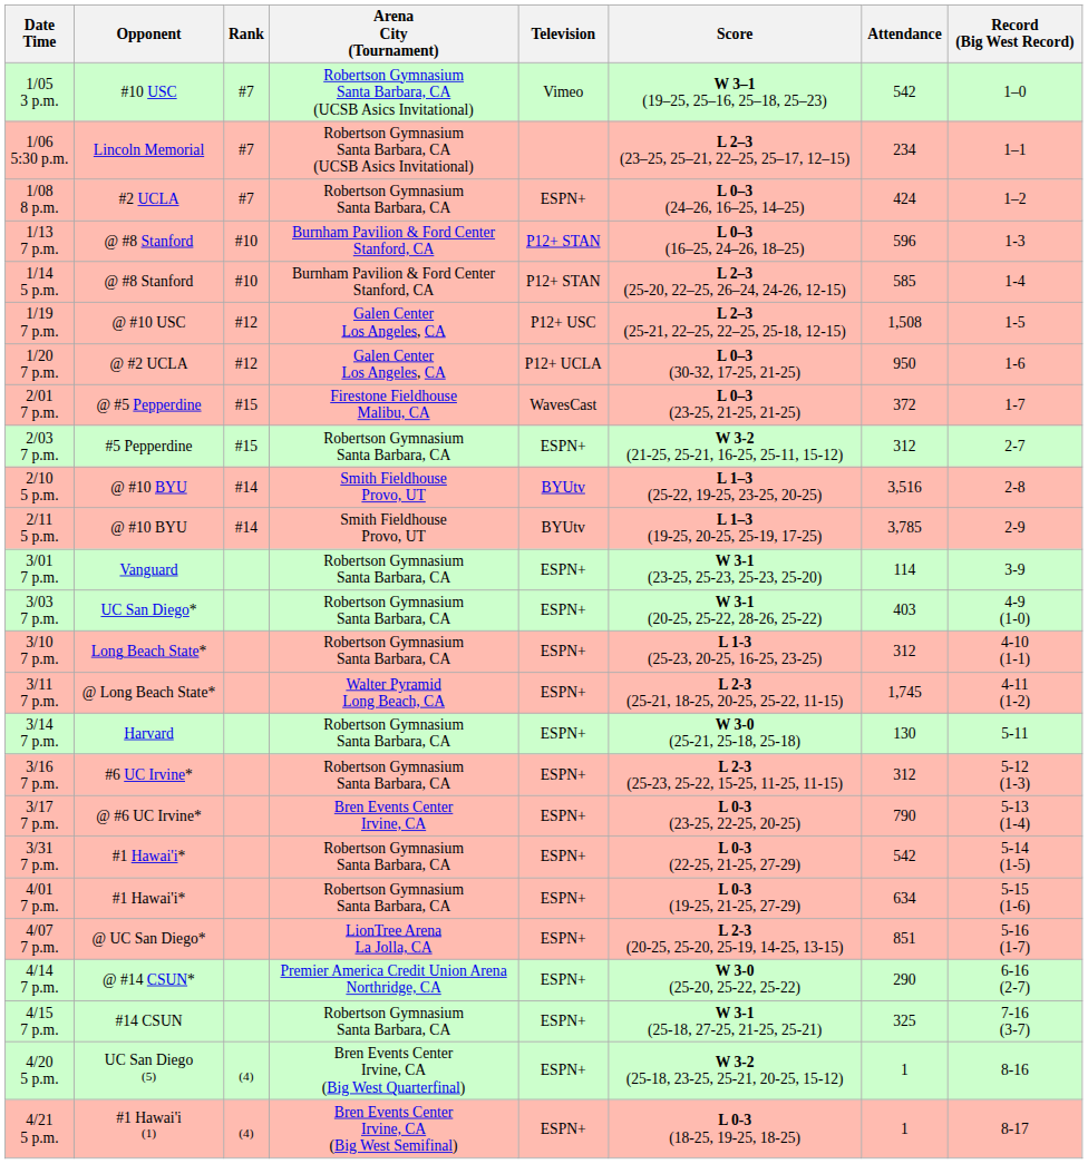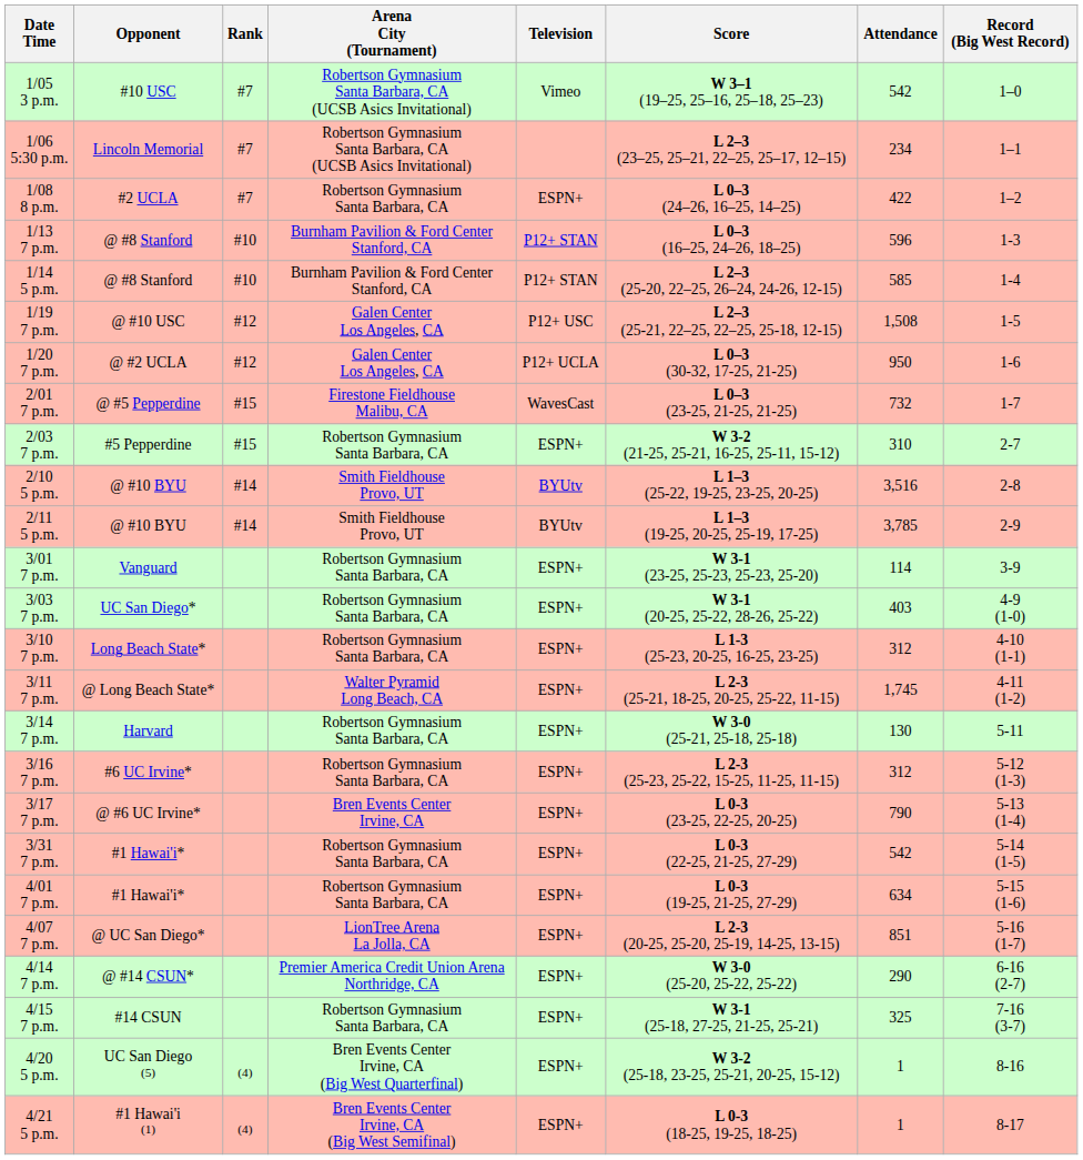 <table class="wikitable sortable" style="width:90%">
 <tr>
 <th>Date<br>Time</th>
 <th>Opponent</th>
 <th>Rank</th>
 <th>Arena<br>City<br>(Tournament)</th>
 <th>Television</th>
 <th>Score</th>
 <th>Attendance</th>
 <th>Record<br>(Big West Record)</th>
 </tr>
 <tr align="center" bgcolor="#ccffcc">
 <td>1/05<br>3 p.m.</td>
 <td>#10 <a href='#'>USC</a></td>
 <td>#7</td>
 <td><a href='#'>Robertson Gymnasium</a><br><a href='#'>Santa Barbara, CA</a><br>(UCSB Asics Invitational)</td>
 <td>Vimeo</td>
 <td><strong>W 3–1</strong><br>(19–25, 25–16, 25–18, 25–23)</td>
 <td>542</td>
 <td>1–0</td>
 </tr>
 <tr align="center" bgcolor="#ffbbb">
 <td>1/06<br>5:30 p.m.</td>
 <td><a href='#'>Lincoln Memorial</a></td>
 <td>#7</td>
 <td>Robertson Gymnasium<br>Santa Barbara, CA<br>(UCSB Asics Invitational)</td>
 <td></td>
 <td><strong>L 2–3</strong><br>(23–25, 25–21, 22–25, 25–17, 12–15)</td>
 <td>234</td>
 <td>1–1</td>
 </tr>
 <tr align="center" bgcolor="#ffbbb">
 <td>1/08<br>8 p.m.</td>
 <td>#2 <a href='#'>UCLA</a></td>
 <td>#7</td>
 <td>Robertson Gymnasium<br>Santa Barbara, CA</td>
 <td>ESPN+</td>
 <td><strong>L 0–3</strong><br>(24–26, 16–25, 14–25)</td>
-<td>424</td>
+<td>422</td>
 <td>1–2</td>
 </tr>
 <tr align="center" bgcolor="#ffbbb">
 <td>1/13<br>7 p.m.</td>
 <td>@ #8 <a href='#'>Stanford</a></td>
 <td>#10</td>
 <td><a href='#'>Burnham Pavilion & Ford Center</a><br><a href='#'>Stanford, CA</a></td>
 <td><a href='#'>P12+ STAN</a></td>
 <td><strong>L 0–3</strong><br>(16–25, 24–26, 18–25)</td>
 <td>596</td>
 <td>1-3</td>
 </tr>
 <tr align="center" bgcolor="#ffbbb">
 <td>1/14<br>5 p.m.</td>
 <td>@ #8 Stanford</td>
 <td>#10</td>
 <td>Burnham Pavilion & Ford Center<br>Stanford, CA</td>
 <td>P12+ STAN</td>
 <td><strong>L 2–3</strong><br>(25-20, 22–25, 26–24, 24-26, 12-15)</td>
 <td>585</td>
 <td>1-4</td>
 </tr>
 <tr align="center" bgcolor="#ffbbb">
 <td>1/19<br>7 p.m.</td>
 <td>@ #10 USC</td>
 <td>#12</td>
 <td><a href='#'>Galen Center</a><br><a href='#'>Los Angeles</a>, <a href='#'>CA</a></td>
 <td>P12+ USC</td>
 <td><strong>L 2–3</strong><br>(25-21, 22–25, 22–25, 25-18, 12-15)</td>
 <td>1,508</td>
 <td>1-5</td>
 </tr>
 <tr align="center" bgcolor="#ffbbb">
 <td>1/20<br>7 p.m.</td>
 <td>@ #2 UCLA</td>
 <td>#12</td>
 <td><a href='#'>Galen Center</a><br><a href='#'>Los Angeles</a>, <a href='#'>CA</a></td>
 <td>P12+ UCLA</td>
 <td><strong>L 0–3</strong><br>(30-32, 17-25, 21-25)</td>
 <td>950</td>
 <td>1-6</td>
 </tr>
 <tr align="center" bgcolor="#ffbbb">
 <td>2/01<br>7 p.m.</td>
 <td>@ #5 <a href='#'>Pepperdine</a></td>
 <td>#15</td>
 <td><a href='#'>Firestone Fieldhouse</a><br><a href='#'>Malibu, CA</a></td>
 <td>WavesCast</td>
 <td><strong>L 0–3</strong><br>(23-25, 21-25, 21-25)</td>
-<td>372</td>
+<td>732</td>
 <td>1-7</td>
 </tr>
 <tr align="center" bgcolor="#ccffcc">
 <td>2/03<br>7 p.m.</td>
 <td>#5 Pepperdine</td>
 <td>#15</td>
 <td>Robertson Gymnasium<br>Santa Barbara, CA</td>
 <td>ESPN+</td>
 <td><strong>W 3-2</strong><br>(21-25, 25-21, 16-25, 25-11, 15-12)</td>
-<td>312</td>
+<td>310</td>
 <td>2-7</td>
 </tr>
 <tr align="center" bgcolor="#ffbbb">
 <td>2/10<br>5 p.m.</td>
 <td>@ #10 <a href='#'>BYU</a></td>
 <td>#14</td>
 <td><a href='#'>Smith Fieldhouse</a><br><a href='#'>Provo, UT</a></td>
 <td><a href='#'>BYUtv</a></td>
 <td><strong>L 1–3</strong><br>(25-22, 19-25, 23-25, 20-25)</td>
 <td>3,516</td>
 <td>2-8</td>
 </tr>
 <tr align="center" bgcolor="#ffbbb">
 <td>2/11<br>5 p.m.</td>
 <td>@ #10 BYU</td>
 <td>#14</td>
 <td>Smith Fieldhouse<br>Provo, UT</td>
 <td>BYUtv</td>
 <td><strong>L 1–3</strong><br>(19-25, 20-25, 25-19, 17-25)</td>
 <td>3,785</td>
 <td>2-9</td>
 </tr>
 <tr align="center" bgcolor="#ccffcc">
 <td>3/01<br>7 p.m.</td>
 <td><a href='#'>Vanguard</a></td>
 <td></td>
 <td>Robertson Gymnasium<br>Santa Barbara, CA</td>
 <td>ESPN+</td>
 <td><strong>W 3-1</strong><br>(23-25, 25-23, 25-23, 25-20)</td>
 <td>114</td>
 <td>3-9</td>
 </tr>
 <tr align="center" bgcolor="#ccffcc">
 <td>3/03<br>7 p.m.</td>
 <td><a href='#'>UC San Diego</a>*</td>
 <td></td>
 <td>Robertson Gymnasium<br>Santa Barbara, CA</td>
 <td>ESPN+</td>
 <td><strong>W 3-1</strong><br>(20-25, 25-22, 28-26, 25-22)</td>
 <td>403</td>
 <td>4-9<br>(1-0)</td>
 </tr>
 <tr align="center" bgcolor="#ffbbb">
 <td>3/10<br>7 p.m.</td>
 <td><a href='#'>Long Beach State</a>*</td>
 <td></td>
 <td>Robertson Gymnasium<br>Santa Barbara, CA</td>
 <td>ESPN+</td>
 <td><strong>L 1-3</strong><br>(25-23, 20-25, 16-25, 23-25)</td>
 <td>312</td>
 <td>4-10<br>(1-1)</td>
 </tr>
 <tr align="center" bgcolor="#ffbbb">
 <td>3/11<br>7 p.m.</td>
 <td>@ Long Beach State*</td>
 <td></td>
 <td><a href='#'>Walter Pyramid</a><br><a href='#'>Long Beach, CA</a></td>
 <td>ESPN+</td>
 <td><strong>L 2-3</strong><br>(25-21, 18-25, 20-25, 25-22, 11-15)</td>
 <td>1,745</td>
 <td>4-11<br>(1-2)</td>
 </tr>
 <tr align="center" bgcolor="#ccffcc">
 <td>3/14<br>7 p.m.</td>
 <td><a href='#'>Harvard</a></td>
 <td></td>
 <td>Robertson Gymnasium<br>Santa Barbara, CA</td>
 <td>ESPN+</td>
 <td><strong>W 3-0</strong><br>(25-21, 25-18, 25-18)</td>
 <td>130</td>
 <td>5-11</td>
 </tr>
 <tr align="center" bgcolor="#ffbbb">
 <td>3/16<br>7 p.m.</td>
 <td>#6 <a href='#'>UC Irvine</a>*</td>
 <td></td>
 <td>Robertson Gymnasium<br>Santa Barbara, CA</td>
 <td>ESPN+</td>
 <td><strong>L 2-3</strong><br>(25-23, 25-22, 15-25, 11-25, 11-15)</td>
 <td>312</td>
 <td>5-12<br>(1-3)</td>
 </tr>
 <tr align="center" bgcolor="#ffbbb">
 <td>3/17<br>7 p.m.</td>
 <td>@ #6 UC Irvine*</td>
 <td></td>
 <td><a href='#'>Bren Events Center</a><br><a href='#'>Irvine, CA</a></td>
 <td>ESPN+</td>
 <td><strong>L 0-3</strong><br>(23-25, 22-25, 20-25)</td>
 <td>790</td>
 <td>5-13<br>(1-4)</td>
 </tr>
 <tr align="center" bgcolor="#ffbbb">
 <td>3/31<br>7 p.m.</td>
 <td>#1 <a href='#'>Hawai'i</a>*</td>
 <td></td>
 <td>Robertson Gymnasium<br>Santa Barbara, CA</td>
 <td>ESPN+</td>
 <td><strong>L 0-3</strong><br>(22-25, 21-25, 27-29)</td>
 <td>542</td>
 <td>5-14<br>(1-5)</td>
 </tr>
 <tr align="center" bgcolor="#ffbbb">
 <td>4/01<br>7 p.m.</td>
 <td>#1 Hawai'i*</td>
 <td></td>
 <td>Robertson Gymnasium<br>Santa Barbara, CA</td>
 <td>ESPN+</td>
 <td><strong>L 0-3</strong><br>(19-25, 21-25, 27-29)</td>
 <td>634</td>
 <td>5-15<br>(1-6)</td>
 </tr>
 <tr align="center" bgcolor="#ffbbb">
 <td>4/07<br>7 p.m.</td>
 <td>@ UC San Diego*</td>
 <td></td>
 <td><a href='#'>LionTree Arena</a><br><a href='#'>La Jolla, CA</a></td>
 <td>ESPN+</td>
 <td><strong>L 2-3</strong><br>(20-25, 25-20, 25-19, 14-25, 13-15)</td>
 <td>851</td>
 <td>5-16<br>(1-7)</td>
 </tr>
 <tr align="center" bgcolor="#ccffcc">
 <td>4/14<br>7 p.m.</td>
 <td>@ #14 <a href='#'>CSUN</a>*</td>
 <td></td>
 <td><a href='#'>Premier America Credit Union Arena</a><br><a href='#'>Northridge, CA</a></td>
 <td>ESPN+</td>
 <td><strong>W 3-0</strong><br>(25-20, 25-22, 25-22)</td>
 <td>290</td>
 <td>6-16<br>(2-7)</td>
 </tr>
 <tr align="center" bgcolor="#ccffcc">
 <td>4/15<br>7 p.m.</td>
 <td>#14 CSUN</td>
 <td></td>
 <td>Robertson Gymnasium<br>Santa Barbara, CA</td>
 <td>ESPN+</td>
 <td><strong>W 3-1</strong><br>(25-18, 27-25, 21-25, 25-21)</td>
 <td>325</td>
 <td>7-16<br>(3-7)</td>
 </tr>
 <tr align="center" bgcolor="#ccffcc">
 <td>4/20<br>5 p.m.</td>
 <td>UC San Diego<br><sup>(5)</sup></td>
 <td><br><sup>(4)</sup></td>
 <td>Bren Events Center<br>Irvine, CA<br>(<a href='#'>Big West Quarterfinal</a>)</td>
 <td>ESPN+</td>
 <td><strong>W 3-2</strong><br>(25-18, 23-25, 25-21, 20-25, 15-12)</td>
 <td>1</td>
 <td>8-16</td>
 </tr>
 <tr align="center" bgcolor="#ffbbb">
 <td>4/21<br>5 p.m.</td>
 <td>#1 Hawai'i<br><sup>(1)</sup></td>
 <td><br><sup>(4)</sup></td>
 <td><a href='#'>Bren Events Center</a><br><a href='#'>Irvine, CA</a><br>(<a href='#'>Big West Semifinal</a>)</td>
 <td>ESPN+</td>
 <td><strong>L 0-3</strong><br>(18-25, 19-25, 18-25)</td>
 <td>1</td>
 <td>8-17</td>
 </tr>
 </table>
